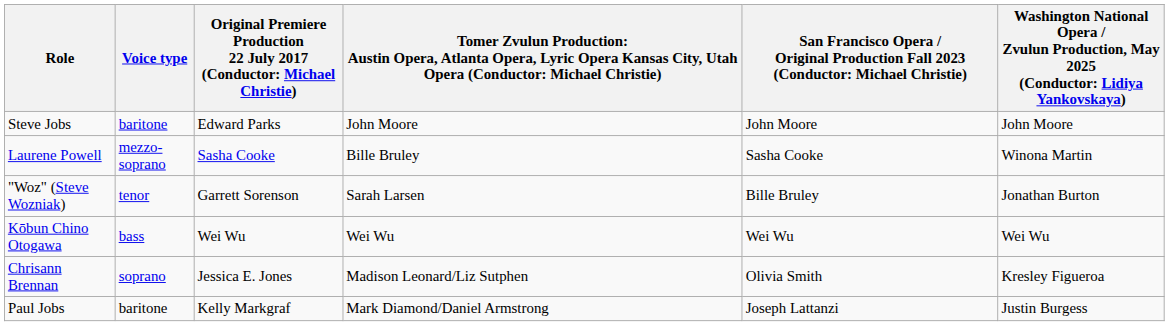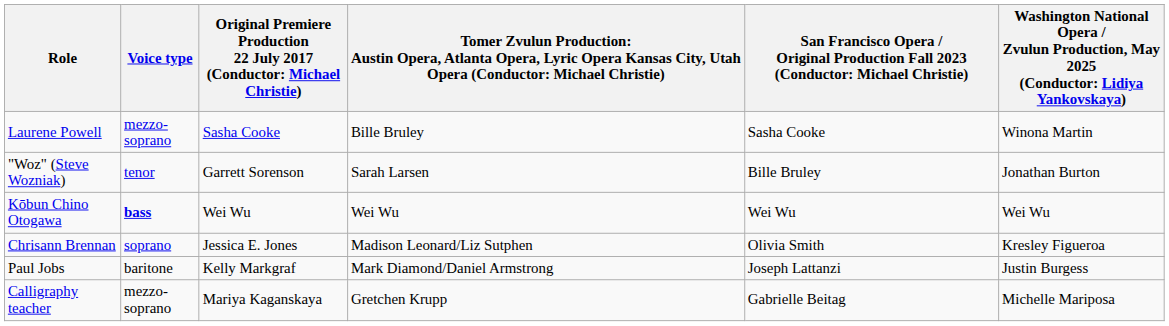 <table class="wikitable">
 <tr>
 <th>Role</th>
 <th><a href='#'>Voice type</a></th>
 <th>Original Premiere Production<br>22 July 2017<br>(Conductor: <a href='#'>Michael Christie</a>)</th>
 <th>Tomer Zvulun Production:<br>Austin Opera, Atlanta Opera,  Lyric Opera Kansas City,  Utah Opera (Conductor: Michael Christie)</th>
 <th>San Francisco Opera /<br>Original Production Fall 2023 (Conductor: Michael Christie)</th>
 <th>Washington National Opera /<br>Zvulun Production,  May 2025<br>(Conductor: <a href='#'>Lidiya Yankovskaya</a>)</th>
-</tr>
-<tr>
-<td>Steve Jobs</td>
-<td><a href='#'>baritone</a></td>
-<td>Edward Parks</td>
-<td>John Moore</td>
-<td>John Moore</td>
-<td>John Moore</td>
 </tr>
 <tr>
 <td><a href='#'>Laurene Powell</a></td>
 <td><a href='#'>mezzo-soprano</a></td>
 <td><a href='#'>Sasha Cooke</a></td>
 <td>Bille Bruley</td>
 <td>Sasha Cooke</td>
 <td>Winona Martin</td>
 </tr>
 <tr>
 <td>"Woz" (<a href='#'>Steve Wozniak</a>)</td>
 <td><a href='#'>tenor</a></td>
 <td>Garrett Sorenson</td>
 <td>Sarah Larsen</td>
 <td>Bille Bruley</td>
 <td>Jonathan Burton</td>
 </tr>
 <tr>
 <td><a href='#'>Kōbun Chino Otogawa</a></td>
-<td><a href='#'>bass</a></td>
+<td><strong><a href='#'>bass</a></strong></td>
 <td>Wei Wu</td>
 <td>Wei Wu</td>
 <td>Wei Wu</td>
 <td>Wei Wu</td>
 </tr>
 <tr>
 <td><a href='#'>Chrisann Brennan</a></td>
 <td><a href='#'>soprano</a></td>
 <td>Jessica E. Jones</td>
 <td>Madison Leonard/Liz Sutphen</td>
 <td>Olivia Smith</td>
 <td>Kresley Figueroa</td>
 </tr>
 <tr>
 <td>Paul Jobs</td>
 <td>baritone</td>
 <td>Kelly Markgraf</td>
 <td>Mark Diamond/Daniel Armstrong</td>
 <td>Joseph Lattanzi</td>
 <td>Justin Burgess</td>
 </tr>
+<tr>
+<td><a href='#'>Calligraphy</a> <a href='#'>teacher</a></td>
+<td>mezzo-soprano</td>
+<td>Mariya Kaganskaya</td>
+<td>Gretchen Krupp</td>
+<td>Gabrielle Beitag</td>
+<td>Michelle Mariposa</td>
+</tr>
 </table>
